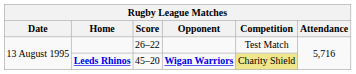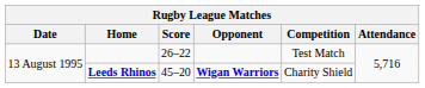 <table class="wikitable" style="font-size: 95%;text-align: center;">
 <tr>
 <th colspan=6>Rugby League Matches</th>
 </tr>
 <tr>
 <th>Date</th>
 <th>Home</th>
 <th>Score</th>
 <th>Opponent</th>
 <th>Competition</th>
 <th>Attendance</th>
 </tr>
 <tr>
 <td rowspan=2>13 August 1995</td>
 <td><strong></strong></td>
 <td>26–22</td>
 <td></td>
 <td>Test Match</td>
 <td rowspan=2>5,716</td>
 </tr>
 <tr>
 <td> <strong><a href='#'>Leeds Rhinos</a></strong></td>
 <td>45–20</td>
 <td><strong> <a href='#'>Wigan Warriors</a></strong></td>
-<td style="background: khaki;">Charity Shield</td>
+<td>Charity Shield</td>
 </tr>
 </table>
